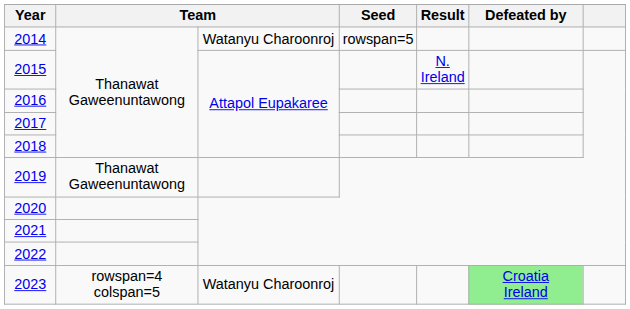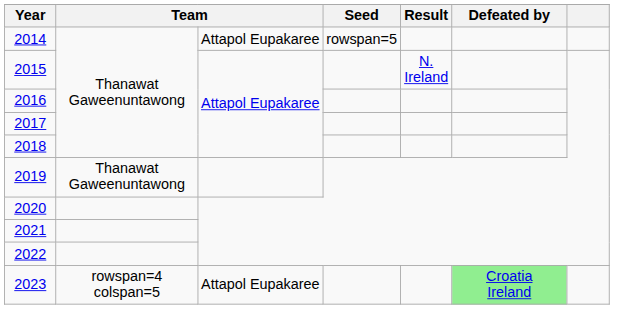 <table class="wikitable" style="text-align: center;">
 <tr style= "background: #e2e2e2;">
 </tr>
 <tr style="background: #efefef;">
 <th width=50px>Year</th>
 <th colspan="2">Team</th>
 <th width=50px>Seed</th>
 <th width=50px>Result</th>
 <th width=120px>Defeated by</th>
 <th width=40px></th>
 </tr>
 <tr>
 <td><a href='#'>2014</a></td>
 <td rowspan=5 width=150px>Thanawat Gaweenuntawong</td>
-<td width=150px>Watanyu Charoonroj</td>
+<td>Attapol Eupakaree</td>
 <td>rowspan=5 </td>
 <td></td>
 <td> </td>
 <td></td>
 </tr>
 <tr>
 <td><a href='#'>2015</a></td>
 <td rowspan=4><a href='#'>Attapol Eupakaree</a></td>
 <td></td>
 <td> <a href='#'>N. Ireland</a></td>
 <td></td>
 </tr>
 <tr>
 <td><a href='#'>2016</a></td>
 <td></td>
 <td></td>
 <td></td>
 </tr>
 <tr>
 <td><a href='#'>2017</a></td>
 <td></td>
 <td> </td>
 <td></td>
 </tr>
 <tr>
 <td><a href='#'>2018</a></td>
 <td></td>
 <td> </td>
 <td></td>
 </tr>
 <tr>
 <td><a href='#'>2019</a></td>
 <td>Thanawat Gaweenuntawong</td>
 <td></td>
 </tr>
 <tr>
 <td><a href='#'>2020</a></td>
 <td></td>
 </tr>
 <tr>
 <td><a href='#'>2021</a></td>
 <td></td>
 </tr>
 <tr>
 <td><a href='#'>2022</a></td>
 <td></td>
 </tr>
 <tr>
 <td><a href='#'>2023</a></td>
 <td>rowspan=4 colspan=5 </td>
-<td width=150px>Watanyu Charoonroj</td>
+<td>Attapol Eupakaree</td>
 <td></td>
 <td></td>
 <td style="background: lightgreen;"> <a href='#'>Croatia</a><br> <a href='#'>Ireland</a></td>
 <td></td>
 </tr>
 </table>
